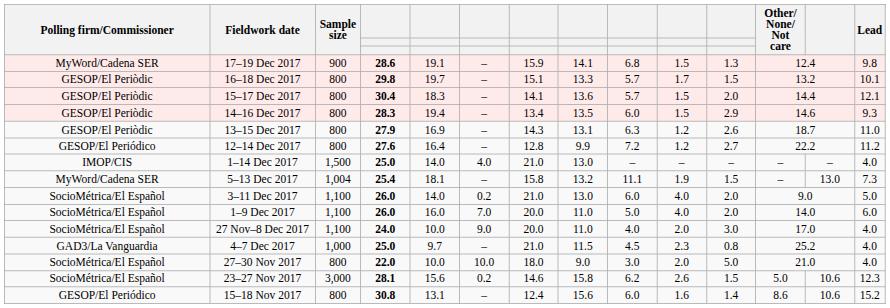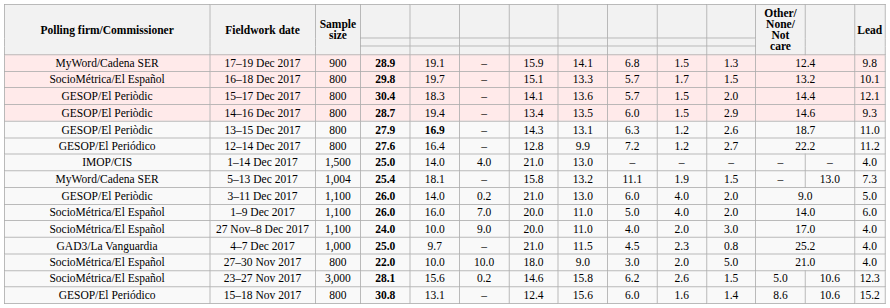 <table class="wikitable collapsible collapsed" style="text-align:center; font-size:90%; line-height:14px;">
 <tr style="height:42px;">
 <th style="width:250px;" rowspan="3">Polling firm/Commissioner</th>
 <th style="width:125px;" rowspan="3">Fieldwork date</th>
 <th style="width:50px;" rowspan="3">Sample size</th>
 <th style="width:55px;"></th>
 <th style="width:55px;"></th>
 <th style="width:55px;"></th>
 <th style="width:55px;"></th>
 <th style="width:55px;"></th>
 <th style="width:55px;"></th>
 <th style="width:55px;"></th>
 <th style="width:55px;"></th>
 <th style="width:55px;" rowspan="3">Other/<br>None/<br>Not<br>care</th>
 <th style="width:55px;" rowspan="3"></th>
 <th style="width:30px;" rowspan="3">Lead</th>
 </tr>
 <tr>
 <th style="color:inherit;background:"></th>
 <th style="color:inherit;background:"></th>
 <th style="color:inherit;background:"></th>
 <th style="color:inherit;background:"></th>
 <th style="color:inherit;background:"></th>
 <th style="color:inherit;background:"></th>
 <th style="color:inherit;background:"></th>
 <th style="color:inherit;background:"></th>
 </tr>
 <tr>
 <th></th>
 <th></th>
 <th></th>
 <th></th>
 <th></th>
 <th></th>
 <th></th>
 <th></th>
 </tr>
 <tr style="background:#FFEAEA;">
 <td>MyWord/Cadena SER</td>
 <td>17–19 Dec 2017</td>
 <td>900</td>
-<td><strong>28.6</strong></td>
+<td><strong>28.9</strong></td>
 <td>19.1</td>
 <td>–</td>
 <td>15.9</td>
 <td>14.1</td>
 <td>6.8</td>
 <td>1.5</td>
 <td>1.3</td>
 <td colspan="2">12.4</td>
 <td style="background:">9.8</td>
 </tr>
 <tr style="background:#FFEAEA;">
-<td>GESOP/El Periòdic</td>
+<td>SocioMétrica/El Español</td>
 <td>16–18 Dec 2017</td>
 <td>800</td>
 <td><strong>29.8</strong></td>
 <td>19.7</td>
 <td>–</td>
 <td>15.1</td>
 <td>13.3</td>
 <td>5.7</td>
 <td>1.7</td>
 <td>1.5</td>
 <td colspan="2">13.2</td>
 <td style="background:">10.1</td>
 </tr>
 <tr style="background:#FFEAEA;">
 <td>GESOP/El Periòdic</td>
 <td>15–17 Dec 2017</td>
 <td>800</td>
 <td><strong>30.4</strong></td>
 <td>18.3</td>
 <td>–</td>
 <td>14.1</td>
 <td>13.6</td>
 <td>5.7</td>
 <td>1.5</td>
 <td>2.0</td>
 <td colspan="2">14.4</td>
 <td style="background:">12.1</td>
 </tr>
 <tr style="background:#FFEAEA;">
 <td>GESOP/El Periòdic</td>
 <td>14–16 Dec 2017</td>
 <td>800</td>
-<td><strong>28.3</strong></td>
+<td><strong>28.7</strong></td>
 <td>19.4</td>
 <td>–</td>
 <td>13.4</td>
 <td>13.5</td>
 <td>6.0</td>
 <td>1.5</td>
 <td>2.9</td>
 <td colspan="2">14.6</td>
 <td style="background:">9.3</td>
 </tr>
 <tr>
 <td>GESOP/El Periòdic</td>
 <td>13–15 Dec 2017</td>
 <td>800</td>
 <td><strong>27.9</strong></td>
-<td>16.9</td>
+<td><strong>16.9</strong></td>
 <td>–</td>
 <td>14.3</td>
 <td>13.1</td>
 <td>6.3</td>
 <td>1.2</td>
 <td>2.6</td>
 <td colspan="2">18.7</td>
 <td style="background:">11.0</td>
 </tr>
 <tr>
 <td>GESOP/El Periódico</td>
 <td>12–14 Dec 2017</td>
 <td>800</td>
 <td><strong>27.6</strong></td>
 <td>16.4</td>
 <td>–</td>
 <td>12.8</td>
 <td>9.9</td>
 <td>7.2</td>
 <td>1.2</td>
 <td>2.7</td>
 <td colspan="2">22.2</td>
 <td style="background:">11.2</td>
 </tr>
 <tr>
 <td>IMOP/CIS</td>
 <td>1–14 Dec 2017</td>
 <td>1,500</td>
 <td><strong>25.0</strong></td>
 <td>14.0</td>
 <td>4.0</td>
 <td>21.0</td>
 <td>13.0</td>
 <td>–</td>
 <td>–</td>
 <td>–</td>
 <td>–</td>
 <td>–</td>
 <td style="background:">4.0</td>
 </tr>
 <tr>
 <td>MyWord/Cadena SER</td>
 <td>5–13 Dec 2017</td>
 <td>1,004</td>
 <td><strong>25.4</strong></td>
 <td>18.1</td>
 <td>–</td>
 <td>15.8</td>
 <td>13.2</td>
 <td>11.1</td>
 <td>1.9</td>
 <td>1.5</td>
 <td>–</td>
 <td>13.0</td>
 <td style="background:">7.3</td>
 </tr>
 <tr>
-<td>SocioMétrica/El Español</td>
+<td>GESOP/El Periòdic</td>
 <td>3–11 Dec 2017</td>
 <td>1,100</td>
 <td><strong>26.0</strong></td>
 <td>14.0</td>
 <td>0.2</td>
 <td>21.0</td>
 <td>13.0</td>
 <td>6.0</td>
 <td>4.0</td>
 <td>2.0</td>
 <td colspan="2">9.0</td>
 <td style="background:">5.0</td>
 </tr>
 <tr>
 <td>SocioMétrica/El Español</td>
 <td>1–9 Dec 2017</td>
 <td>1,100</td>
 <td><strong>26.0</strong></td>
 <td>16.0</td>
 <td>7.0</td>
 <td>20.0</td>
 <td>11.0</td>
 <td>5.0</td>
 <td>4.0</td>
 <td>2.0</td>
 <td colspan="2">14.0</td>
 <td style="background:">6.0</td>
 </tr>
 <tr>
 <td>SocioMétrica/El Español</td>
 <td>27 Nov–8 Dec 2017</td>
 <td>1,100</td>
 <td><strong>24.0</strong></td>
 <td>10.0</td>
 <td>9.0</td>
 <td>20.0</td>
 <td>11.0</td>
 <td>4.0</td>
 <td>2.0</td>
 <td>3.0</td>
 <td colspan="2">17.0</td>
 <td style="background:">4.0</td>
 </tr>
 <tr>
 <td>GAD3/La Vanguardia</td>
 <td>4–7 Dec 2017</td>
 <td>1,000</td>
 <td><strong>25.0</strong></td>
 <td>9.7</td>
 <td>–</td>
 <td>21.0</td>
 <td>11.5</td>
 <td>4.5</td>
 <td>2.3</td>
 <td>0.8</td>
 <td colspan="2">25.2</td>
 <td style="background:">4.0</td>
 </tr>
 <tr>
 <td>SocioMétrica/El Español</td>
 <td>27–30 Nov 2017</td>
 <td>800</td>
 <td><strong>22.0</strong></td>
 <td>10.0</td>
 <td>10.0</td>
 <td>18.0</td>
 <td>9.0</td>
 <td>3.0</td>
 <td>2.0</td>
 <td>5.0</td>
 <td colspan="2">21.0</td>
 <td style="background:">4.0</td>
 </tr>
 <tr>
 <td>SocioMétrica/El Español</td>
 <td>23–27 Nov 2017</td>
 <td>3,000</td>
 <td><strong>28.1</strong></td>
 <td>15.6</td>
 <td>0.2</td>
 <td>14.6</td>
 <td>15.8</td>
 <td>6.2</td>
 <td>2.6</td>
 <td>1.5</td>
 <td>5.0</td>
 <td>10.6</td>
 <td style="background:">12.3</td>
 </tr>
 <tr>
 <td>GESOP/El Periódico</td>
 <td>15–18 Nov 2017</td>
 <td>800</td>
 <td><strong>30.8</strong></td>
 <td>13.1</td>
 <td>–</td>
 <td>12.4</td>
 <td>15.6</td>
 <td>6.0</td>
 <td>1.6</td>
 <td>1.4</td>
 <td>8.6</td>
 <td>10.6</td>
 <td style="background:">15.2</td>
 </tr>
 </table>
